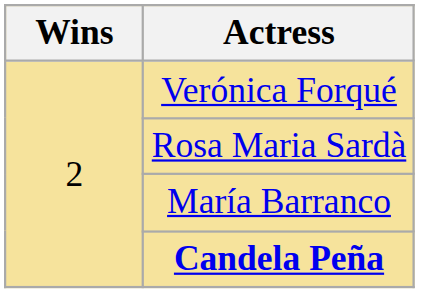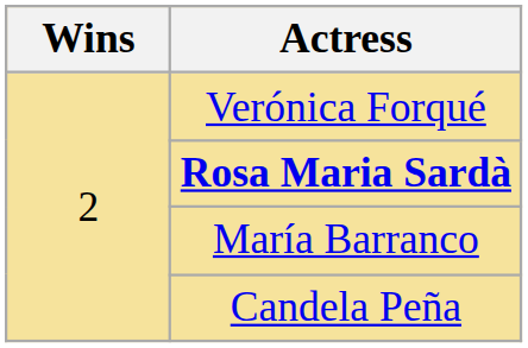 <table class="wikitable" style="text-align: center; border:2; background: #f6e39c">
 <tr>
 <th scope="col" width="55">Wins</th>
 <th scope="col" align="center">Actress</th>
 </tr>
 <tr>
 <td rowspan=4 style="text-align:center">2</td>
 <td><a href='#'>Verónica Forqué</a></td>
 </tr>
 <tr>
-<td><a href='#'>Rosa Maria Sardà</a></td>
+<td><strong><a href='#'>Rosa Maria Sardà</a></strong></td>
 </tr>
 <tr>
 <td><a href='#'>María Barranco</a></td>
 </tr>
 <tr>
-<td><strong><a href='#'>Candela Peña</a></strong></td>
+<td><a href='#'>Candela Peña</a></td>
 </tr>
 </table>
